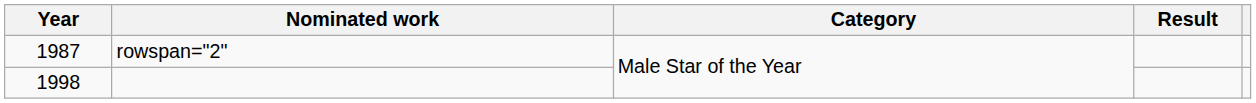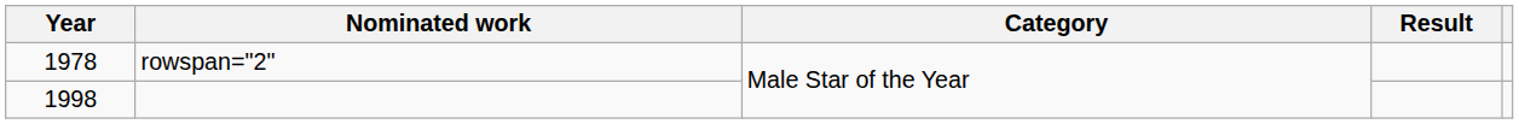 <table class=wikitable>
 <tr>
 <th scope="col" style="width:5em;">Year</th>
 <th scope="col" style="width:25em;">Nominated work</th>
 <th scope="col" style="width:26em;">Category</th>
 <th scope="col" style="width:5em;">Result</th>
 <th></th>
 </tr>
 <tr>
-<td align="center">1987</td>
+<td align="center">1978</td>
 <td>rowspan="2" </td>
 <td rowspan="2">Male Star of the Year</td>
 <td></td>
 <td align="center"></td>
 </tr>
 <tr>
 <td align="center">1998</td>
 <td></td>
 <td align="center"></td>
 </tr>
 </table>
